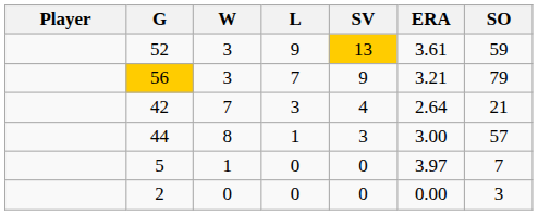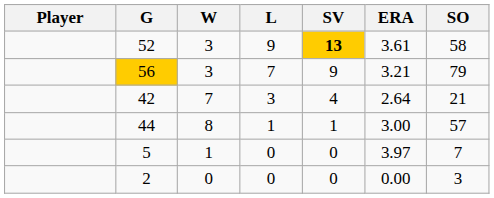 <table class="wikitable sortable">
 <tr>
 <th bgcolor="#DDDDFF" width="16%">Player</th>
 <th bgcolor="#DDDDFF" width="9%">G</th>
 <th bgcolor="#DDDDFF" width="9%">W</th>
 <th bgcolor="#DDDDFF" width="9%">L</th>
 <th bgcolor="#DDDDFF" width="9%">SV</th>
 <th bgcolor="#DDDDFF" width="9%">ERA</th>
 <th bgcolor="#DDDDFF" width="9%">SO</th>
 </tr>
 <tr align="center">
 <td></td>
 <td>52</td>
 <td>3</td>
 <td>9</td>
-<td style="background:#fc0;">13</td>
+<td style="background:#fc0;"><strong>13</strong></td>
 <td>3.61</td>
-<td>59</td>
+<td>58</td>
 </tr>
 <tr align=center>
 <td></td>
 <td style="background:#fc0;">56</td>
 <td>3</td>
 <td>7</td>
 <td>9</td>
 <td>3.21</td>
 <td>79</td>
 </tr>
 <tr align="center">
 <td></td>
 <td>42</td>
 <td>7</td>
 <td>3</td>
 <td>4</td>
 <td>2.64</td>
 <td>21</td>
 </tr>
 <tr align="center">
 <td></td>
 <td>44</td>
 <td>8</td>
 <td>1</td>
-<td>3</td>
+<td>1</td>
 <td>3.00</td>
 <td>57</td>
 </tr>
 <tr align="center">
 <td></td>
 <td>5</td>
 <td>1</td>
 <td>0</td>
 <td>0</td>
 <td>3.97</td>
 <td>7</td>
 </tr>
 <tr align="center">
 <td></td>
 <td>2</td>
 <td>0</td>
 <td>0</td>
 <td>0</td>
 <td>0.00</td>
 <td>3</td>
 </tr>
 </table>
